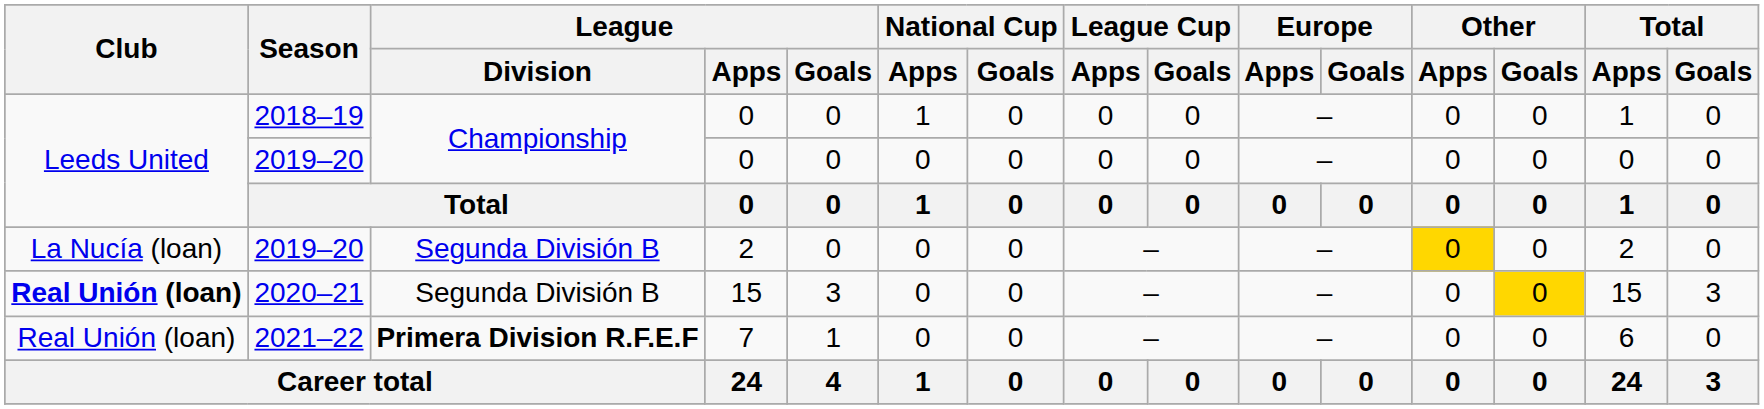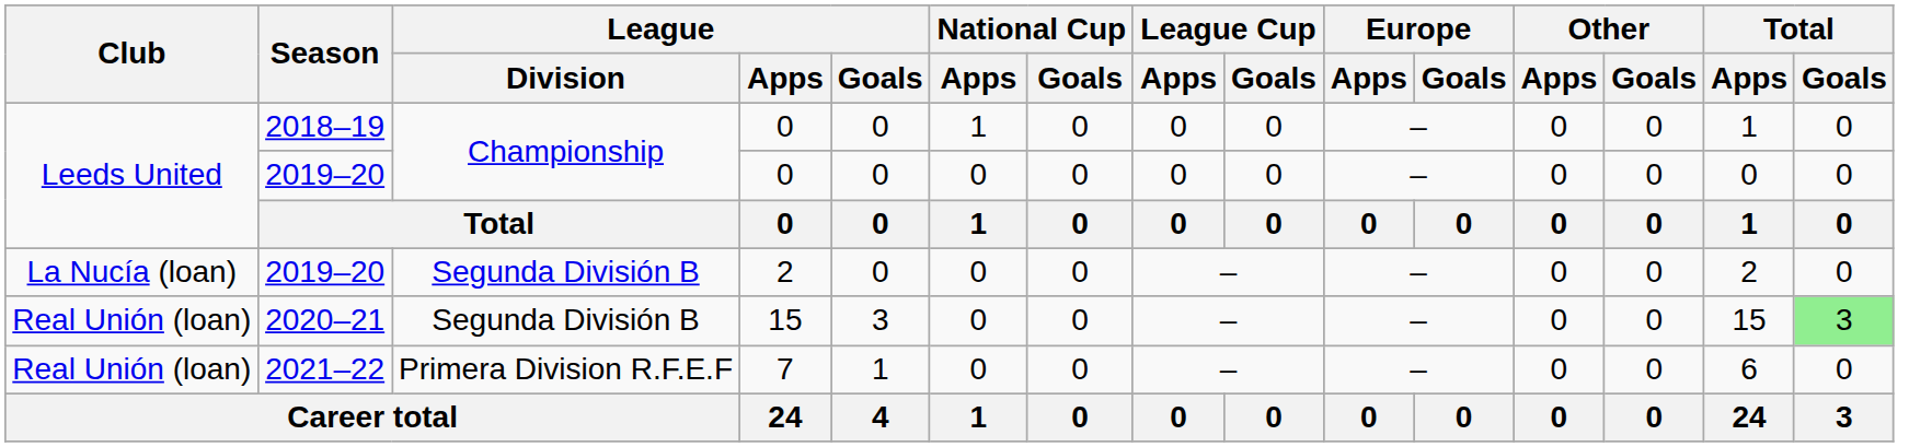 <table class="wikitable" style="text-align:center">
 <tr>
 <th rowspan="2">Club</th>
 <th rowspan="2">Season</th>
 <th colspan="3">League</th>
 <th colspan="2">National Cup</th>
 <th colspan="2">League Cup</th>
 <th colspan="2">Europe</th>
 <th colspan="2">Other</th>
 <th colspan="2">Total</th>
 </tr>
 <tr>
 <th>Division</th>
 <th>Apps</th>
 <th>Goals</th>
 <th>Apps</th>
 <th>Goals</th>
 <th>Apps</th>
 <th>Goals</th>
 <th>Apps</th>
 <th>Goals</th>
 <th>Apps</th>
 <th>Goals</th>
 <th>Apps</th>
 <th>Goals</th>
 </tr>
 <tr>
 <td rowspan="3" valign="center"><a href='#'>Leeds United</a></td>
 <td><a href='#'>2018–19</a></td>
 <td rowspan="2" valign="center"><a href='#'>Championship</a></td>
 <td>0</td>
 <td>0</td>
 <td>1</td>
 <td>0</td>
 <td>0</td>
 <td>0</td>
 <td colspan="2">–</td>
 <td>0</td>
 <td>0</td>
 <td>1</td>
 <td>0</td>
 </tr>
 <tr>
 <td><a href='#'>2019–20</a></td>
 <td>0</td>
 <td>0</td>
 <td>0</td>
 <td>0</td>
 <td>0</td>
 <td>0</td>
 <td colspan="2">–</td>
 <td>0</td>
 <td>0</td>
 <td>0</td>
 <td>0</td>
 </tr>
 <tr>
 <th colspan=2>Total</th>
 <th>0</th>
 <th>0</th>
 <th>1</th>
 <th>0</th>
 <th>0</th>
 <th>0</th>
 <th>0</th>
 <th>0</th>
 <th>0</th>
 <th>0</th>
 <th>1</th>
 <th>0</th>
 </tr>
 <tr>
 <td rowspan="1" valign="center"><a href='#'>La Nucía</a> (loan)</td>
 <td><a href='#'>2019–20</a></td>
 <td><a href='#'>Segunda División B</a></td>
 <td>2</td>
 <td>0</td>
 <td>0</td>
 <td>0</td>
 <td colspan="2">–</td>
 <td colspan="2">–</td>
-<td style="background: gold;">0</td>
+<td>0</td>
 <td>0</td>
 <td>2</td>
 <td>0</td>
 </tr>
 <tr>
-<td rowspan="1" valign="center"><strong><a href='#'>Real Unión</a> (loan)</strong></td>
+<td rowspan="1" valign="center"><a href='#'>Real Unión</a> (loan)</td>
 <td><a href='#'>2020–21</a></td>
 <td>Segunda División B</td>
 <td>15</td>
 <td>3</td>
 <td>0</td>
 <td>0</td>
 <td colspan="2">–</td>
 <td colspan="2">–</td>
 <td>0</td>
-<td style="background: gold;">0</td>
+<td>0</td>
 <td>15</td>
-<td>3</td>
+<td style="background: lightgreen;">3</td>
 </tr>
 <tr>
 <td rowspan="1" valign="center"><a href='#'>Real Unión</a> (loan)</td>
 <td><a href='#'>2021–22</a></td>
-<td><strong>Primera Division R.F.E.F</strong></td>
+<td>Primera Division R.F.E.F</td>
 <td>7</td>
 <td>1</td>
 <td>0</td>
 <td>0</td>
 <td colspan="2">–</td>
 <td colspan="2">–</td>
 <td>0</td>
 <td>0</td>
 <td>6</td>
 <td>0</td>
 </tr>
 <tr>
 <th colspan="3">Career total</th>
 <th>24</th>
 <th>4</th>
 <th>1</th>
 <th>0</th>
 <th>0</th>
 <th>0</th>
 <th>0</th>
 <th>0</th>
 <th>0</th>
 <th>0</th>
 <th>24</th>
 <th>3</th>
 </tr>
 </table>
